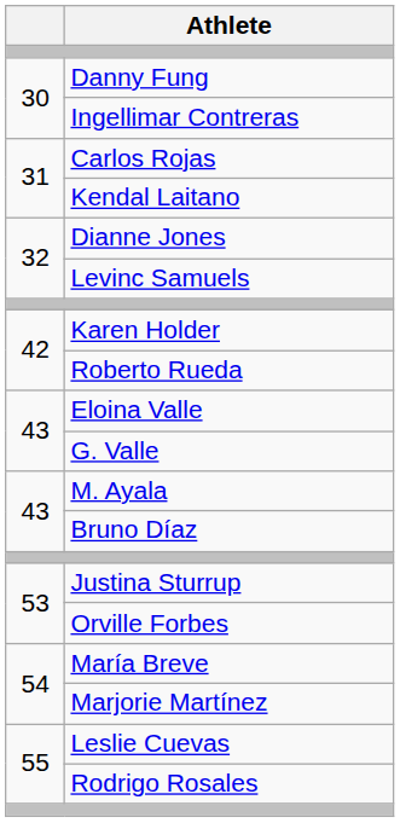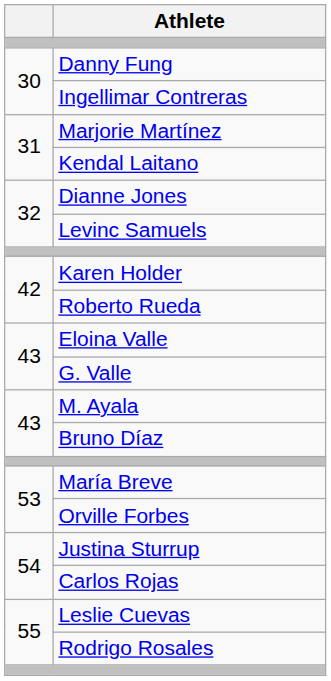 <table class="wikitable">
 <tr>
 <th width="30"></th>
 <th width="200">Athlete</th>
 </tr>
 <tr bgcolor="C0C0C0">
 <td colspan=2></td>
 </tr>
 <tr>
 <td align="center" rowspan=2>30</td>
 <td> <a href='#'>Danny Fung</a></td>
 </tr>
 <tr>
 <td> <a href='#'>Ingellimar Contreras</a></td>
 </tr>
 <tr>
 <td align="center" rowspan=2>31</td>
-<td> <a href='#'>Carlos Rojas</a></td>
+<td> <a href='#'>Marjorie Martínez</a></td>
 </tr>
 <tr>
 <td> <a href='#'>Kendal Laitano</a></td>
 </tr>
 <tr>
 <td align="center" rowspan=2>32</td>
 <td> <a href='#'>Dianne Jones</a></td>
 </tr>
 <tr>
 <td> <a href='#'>Levinc Samuels</a></td>
 </tr>
 <tr bgcolor="C0C0C0">
 <td colspan=2></td>
 </tr>
 <tr>
 <td align="center" rowspan=2>42</td>
 <td> <a href='#'>Karen Holder</a></td>
 </tr>
 <tr>
 <td> <a href='#'>Roberto Rueda</a></td>
 </tr>
 <tr>
 <td align="center" rowspan=2>43</td>
 <td> <a href='#'>Eloina Valle</a></td>
 </tr>
 <tr>
 <td> <a href='#'>G. Valle</a></td>
 </tr>
 <tr>
 <td align="center" rowspan=2>43</td>
 <td> <a href='#'>M. Ayala</a></td>
 </tr>
 <tr>
 <td> <a href='#'>Bruno Díaz</a></td>
 </tr>
 <tr bgcolor="C0C0C0">
 <td colspan=2></td>
 </tr>
 <tr>
 <td align="center" rowspan=2>53</td>
-<td> <a href='#'>Justina Sturrup</a></td>
+<td> <a href='#'>María Breve</a></td>
 </tr>
 <tr>
 <td> <a href='#'>Orville Forbes</a></td>
 </tr>
 <tr>
 <td align="center" rowspan=2>54</td>
-<td> <a href='#'>María Breve</a></td>
+<td> <a href='#'>Justina Sturrup</a></td>
 </tr>
 <tr>
-<td> <a href='#'>Marjorie Martínez</a></td>
+<td> <a href='#'>Carlos Rojas</a></td>
 </tr>
 <tr>
 <td align="center" rowspan=2>55</td>
 <td> <a href='#'>Leslie Cuevas</a></td>
 </tr>
 <tr>
 <td> <a href='#'>Rodrigo Rosales</a></td>
 </tr>
 <tr bgcolor="C0C0C0">
 <td colspan=2></td>
 </tr>
 </table>
